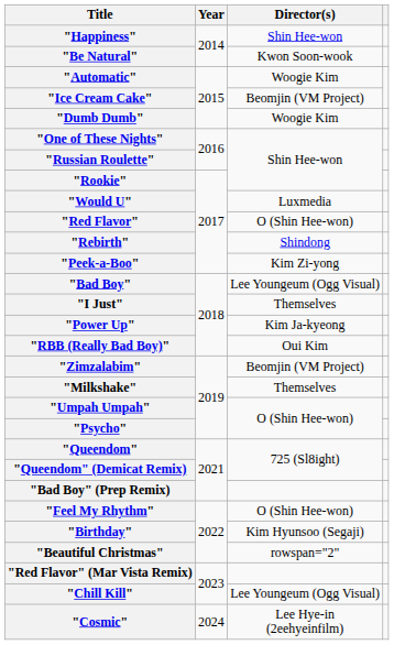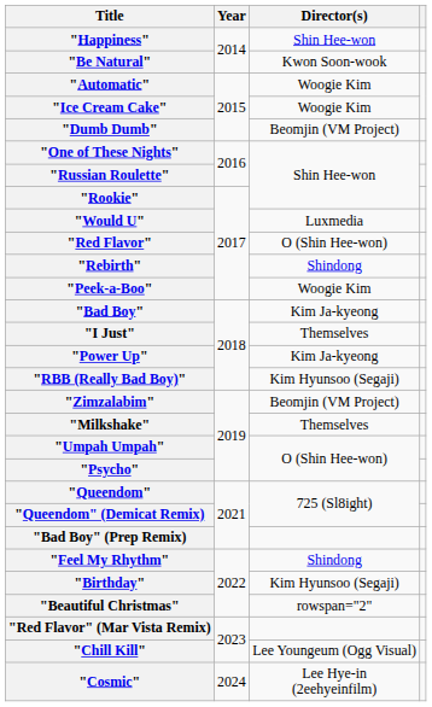 <table class="wikitable plainrowheaders" style="text-align:center">
 <tr>
 <th scope="col">Title</th>
 <th scope="col">Year</th>
 <th scope="col">Director(s)</th>
 <th scope="col"></th>
 </tr>
 <tr>
 <th scope="row">"<a href='#'>Happiness</a>"</th>
 <td rowspan="2">2014</td>
 <td><a href='#'>Shin Hee-won</a></td>
 <td></td>
 </tr>
 <tr>
 <th scope="row">"<a href='#'>Be Natural</a>"</th>
 <td>Kwon Soon-wook</td>
 <td></td>
 </tr>
 <tr>
 <th scope="row">"<a href='#'>Automatic</a>"</th>
 <td rowspan="3">2015</td>
 <td>Woogie Kim</td>
 <td rowspan="2"></td>
 </tr>
 <tr>
 <th scope="row">"<a href='#'>Ice Cream Cake</a>"</th>
-<td>Beomjin (VM Project)</td>
+<td>Woogie Kim</td>
 </tr>
 <tr>
 <th scope="row">"<a href='#'>Dumb Dumb</a>"</th>
-<td>Woogie Kim</td>
+<td>Beomjin (VM Project)</td>
 <td></td>
 </tr>
 <tr>
 <th scope="row">"<a href='#'>One of These Nights</a>"</th>
 <td rowspan="2">2016</td>
 <td rowspan="3">Shin Hee-won</td>
 <td></td>
 </tr>
 <tr>
 <th scope="row">"<a href='#'>Russian Roulette</a>"</th>
 <td></td>
 </tr>
 <tr>
 <th scope="row">"<a href='#'>Rookie</a>"</th>
 <td rowspan="5">2017</td>
 <td></td>
 </tr>
 <tr>
 <th scope="row">"<a href='#'>Would U</a>"</th>
 <td>Luxmedia</td>
 <td></td>
 </tr>
 <tr>
 <th scope="row">"<a href='#'>Red Flavor</a>"</th>
 <td>O (Shin Hee-won)</td>
 <td></td>
 </tr>
 <tr>
 <th scope="row">"<a href='#'>Rebirth</a>"</th>
 <td><a href='#'>Shindong</a></td>
 <td></td>
 </tr>
 <tr>
 <th scope="row">"<a href='#'>Peek-a-Boo</a>"</th>
-<td>Kim Zi-yong</td>
+<td>Woogie Kim</td>
 <td></td>
 </tr>
 <tr>
 <th scope="row">"<a href='#'>Bad Boy</a>"</th>
 <td rowspan="4">2018</td>
-<td>Lee Youngeum (Ogg Visual)</td>
+<td>Kim Ja-kyeong</td>
 <td></td>
 </tr>
 <tr>
 <th scope="row">"I Just"</th>
 <td>Themselves</td>
 <td></td>
 </tr>
 <tr>
 <th scope="row">"<a href='#'>Power Up</a>"</th>
 <td>Kim Ja-kyeong</td>
 <td></td>
 </tr>
 <tr>
 <th scope="row">"<a href='#'>RBB (Really Bad Boy)</a>"</th>
-<td>Oui Kim</td>
+<td>Kim Hyunsoo (Segaji)</td>
 <td></td>
 </tr>
 <tr>
 <th scope="row">"<a href='#'>Zimzalabim</a>"</th>
 <td rowspan="4">2019</td>
 <td>Beomjin (VM Project)</td>
 <td></td>
 </tr>
 <tr>
 <th scope="row">"Milkshake"</th>
 <td>Themselves</td>
 <td></td>
 </tr>
 <tr>
 <th scope="row">"<a href='#'>Umpah Umpah</a>"</th>
 <td rowspan="2">O (Shin Hee-won)</td>
 <td></td>
 </tr>
 <tr>
 <th scope="row">"<a href='#'>Psycho</a>"</th>
 <td></td>
 </tr>
 <tr>
 <th scope="row">"<a href='#'>Queendom</a>"</th>
 <td rowspan="3">2021</td>
 <td rowspan="2">725 (Sl8ight)</td>
 <td></td>
 </tr>
 <tr>
 <th scope="row">"<a href='#'>Queendom" (Demicat Remix)</a></th>
 <td></td>
 </tr>
 <tr>
 <th scope="row">"Bad Boy" (Prep Remix)</th>
 <td></td>
 <td></td>
 </tr>
 <tr>
 <th scope="row">"<a href='#'>Feel My Rhythm</a>"</th>
 <td rowspan="3">2022</td>
-<td>O (Shin Hee-won)</td>
+<td><a href='#'>Shindong</a></td>
 <td></td>
 </tr>
 <tr>
 <th scope="row">"<a href='#'>Birthday</a>"</th>
 <td>Kim Hyunsoo (Segaji)</td>
 <td></td>
 </tr>
 <tr>
 <th scope="row">"Beautiful Christmas"<br></th>
 <td>rowspan="2" </td>
 <td></td>
 </tr>
 <tr>
 <th scope="row">"Red Flavor" (Mar Vista Remix)</th>
 <td rowspan="2">2023</td>
 <td></td>
 </tr>
 <tr>
 <th scope="row">"<a href='#'>Chill Kill</a>"</th>
 <td>Lee Youngeum (Ogg Visual)</td>
 <td></td>
 </tr>
 <tr>
 <th scope="row">"<a href='#'>Cosmic</a>"</th>
 <td>2024</td>
 <td>Lee Hye-in<br>(2eehyeinfilm)</td>
 <td></td>
 </tr>
 </table>
